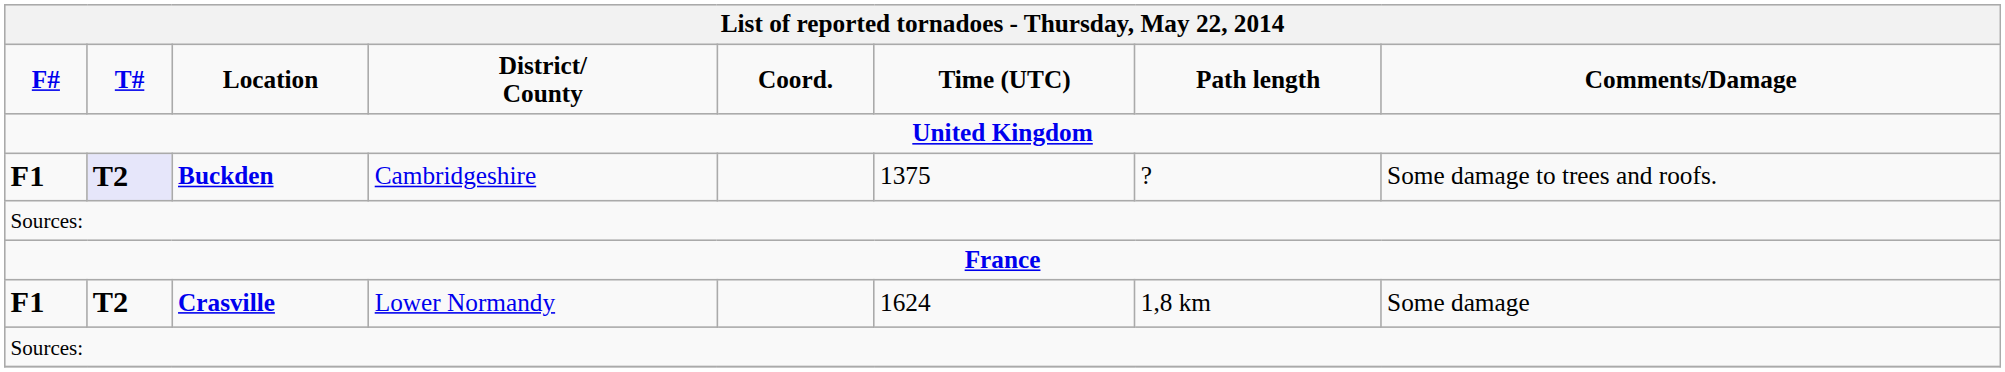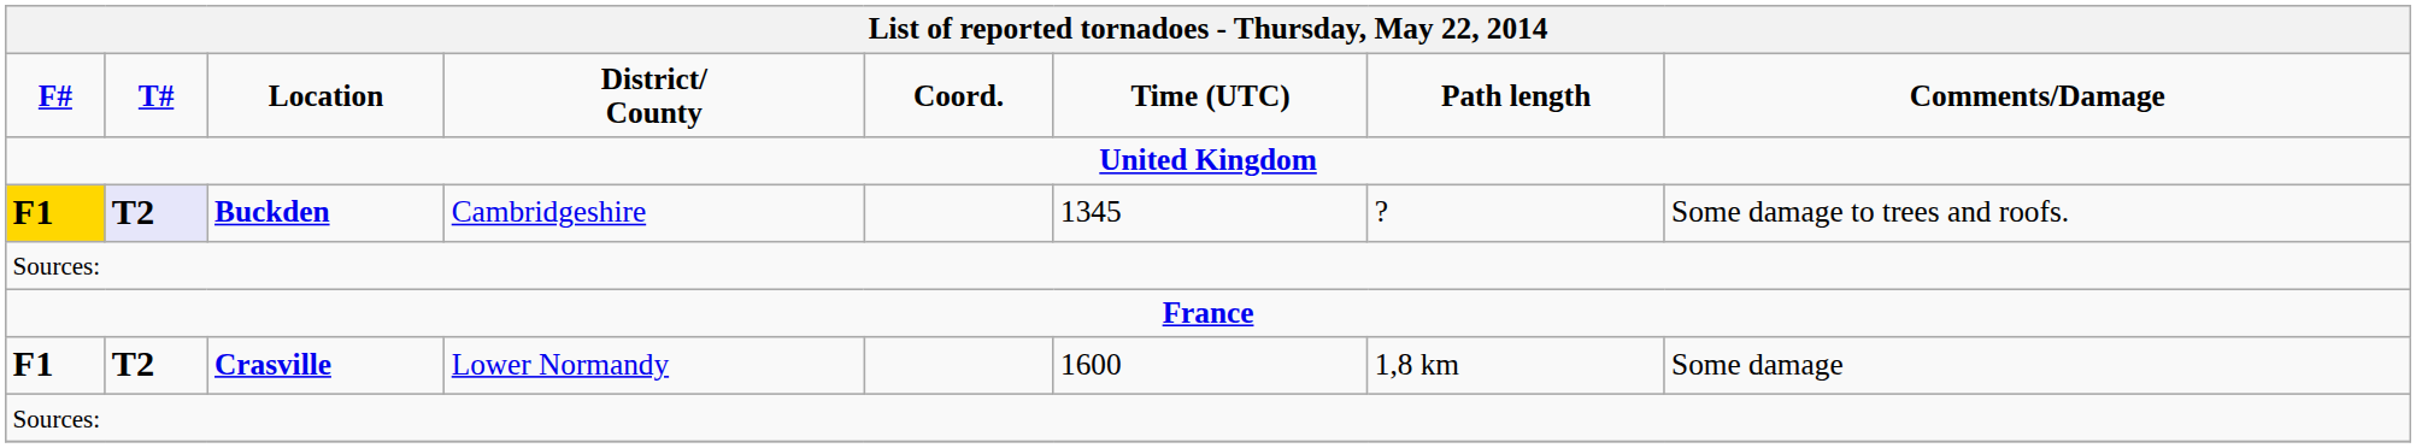 <table class="wikitable collapsible" width="100%">
 <tr>
 <th colspan="8">List of reported tornadoes - Thursday, May 22, 2014</th>
 </tr>
 <tr>
 <td style="text-align: center;"><strong><a href='#'>F#</a></strong></td>
 <td style="text-align: center;"><strong><a href='#'>T#</a></strong></td>
 <td style="text-align: center;"><strong>Location</strong></td>
 <td style="text-align: center;"><strong>District/<br>County</strong></td>
 <td style="text-align: center;"><strong>Coord.</strong></td>
 <td style="text-align: center;"><strong>Time (UTC)</strong></td>
 <td style="text-align: center;"><strong>Path length</strong></td>
 <td style="text-align: center;"><strong>Comments/Damage</strong></td>
 </tr>
 <tr>
 <td colspan="8" align=center><strong><a href='#'>United Kingdom</a></strong></td>
 </tr>
 <tr>
-<td><big><strong>F1</strong></big></td>
+<td style="background: gold;"><big><strong>F1</strong></big></td>
 <td style="background: lavender;"><big><strong>T2</strong></big></td>
 <td><strong><a href='#'>Buckden</a></strong></td>
 <td><a href='#'>Cambridgeshire</a></td>
 <td></td>
-<td>1375</td>
+<td>1345</td>
 <td>?</td>
 <td>Some damage to trees and roofs.</td>
 </tr>
 <tr>
 <td colspan="8"><small>Sources:</small></td>
 </tr>
 <tr>
 <td colspan="8" align=center><strong><a href='#'>France</a></strong></td>
 </tr>
 <tr>
 <td><big><strong>F1</strong></big></td>
 <td><big><strong>T2</strong></big></td>
 <td><strong><a href='#'>Crasville</a></strong></td>
 <td><a href='#'>Lower Normandy</a></td>
 <td></td>
-<td>1624</td>
+<td>1600</td>
 <td>1,8 km</td>
 <td>Some damage</td>
 </tr>
 <tr>
 <td colspan="8"><small>Sources:</small></td>
 </tr>
 <tr>
 </tr>
 </table>
